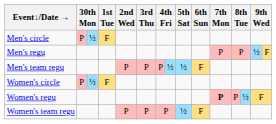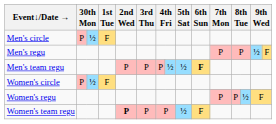 <table class="wikitable" style="margin:0.5em auto; font-size:90%; line-height:1.25em; text-align:center;">
 <tr>
 <th>Event↓/Date →</th>
 <th colspan=2>30th<br>Mon</th>
 <th>1st<br>Tue</th>
 <th>2nd<br>Wed</th>
 <th>3rd<br>Thu</th>
 <th colspan=2>4th<br>Fri</th>
 <th>5th<br>Sat</th>
 <th>6th<br>Sun</th>
 <th>7th<br>Mon</th>
 <th colspan=2>8th<br>Tue</th>
 <th colspan=2>9th<br>Wed</th>
 </tr>
 <tr>
 <td align="left"><a href='#'>Men's circle</a></td>
 <td bgcolor="#FFBBBB">P</td>
 <td bgcolor="#97DEFF">½</td>
 <td bgcolor="#FFDF80">F</td>
 <td></td>
 <td></td>
 <td colspan=2></td>
 <td></td>
 <td></td>
 <td></td>
 <td colspan=2></td>
 <td colspan=2></td>
 </tr>
 <tr>
 <td align="left"><a href='#'>Men's regu</a></td>
 <td colspan=2></td>
 <td></td>
 <td></td>
 <td></td>
 <td colspan=2></td>
 <td></td>
 <td></td>
 <td bgcolor="#FFBBBB">P</td>
 <td colspan=2 bgcolor="#FFBBBB">P</td>
 <td bgcolor="#97DEFF">½</td>
 <td bgcolor="#FFDF80">F</td>
 </tr>
 <tr>
 <td align="left"><a href='#'>Men's team regu</a></td>
 <td colspan=2></td>
 <td></td>
 <td bgcolor="#FFBBBB">P</td>
 <td bgcolor="#FFBBBB">P</td>
 <td bgcolor="#FFBBBB">P</td>
 <td bgcolor="#97DEFF">½</td>
 <td bgcolor="#97DEFF">½</td>
-<td bgcolor="#FFDF80">F</td>
+<td bgcolor="#FFDF80"><strong>F</strong></td>
 <td></td>
 <td colspan=2></td>
 <td colspan=2></td>
 </tr>
 <tr>
 <td align="left"><a href='#'>Women's circle</a></td>
 <td bgcolor="#FFBBBB">P</td>
 <td bgcolor="#97DEFF">½</td>
 <td bgcolor="#FFDF80">F</td>
 <td></td>
 <td></td>
 <td colspan=2></td>
 <td></td>
 <td></td>
 <td></td>
 <td colspan=2></td>
 <td colspan=2></td>
 </tr>
 <tr>
 <td align="left"><a href='#'>Women's regu</a></td>
 <td colspan=2></td>
 <td></td>
 <td></td>
 <td></td>
 <td colspan=2></td>
 <td></td>
 <td></td>
-<td bgcolor="#FFBBBB"><strong>P</strong></td>
+<td bgcolor="#FFBBBB">P</td>
 <td bgcolor="#FFBBBB">P</td>
 <td bgcolor="#97DEFF">½</td>
 <td colspan=2 bgcolor="#FFDF80">F</td>
 </tr>
 <tr>
 <td align="left"><a href='#'>Women's team regu</a></td>
 <td colspan=2></td>
 <td></td>
-<td bgcolor="#FFBBBB">P</td>
+<td bgcolor="#FFBBBB"><strong>P</strong></td>
 <td bgcolor="#FFBBBB">P</td>
 <td colspan=2 bgcolor="#FFBBBB">P</td>
 <td bgcolor="#97DEFF">½</td>
 <td bgcolor="#FFDF80">F</td>
 <td></td>
 <td colspan=2></td>
 <td colspan=2></td>
 </tr>
 </table>
